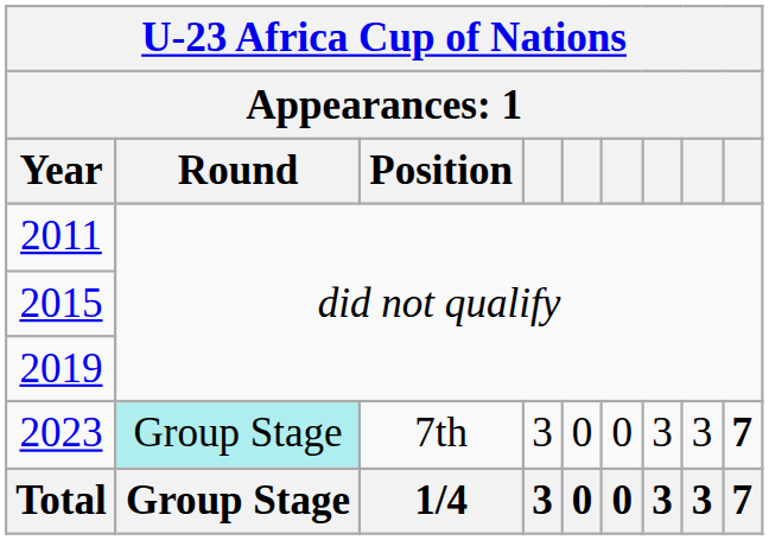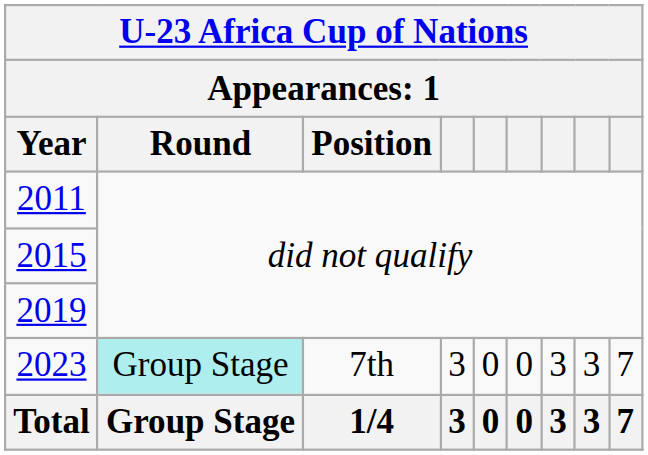 <table class="wikitable" style="text-align: center;">
 <tr>
 <th colspan=9><a href='#'>U-23 Africa Cup of Nations</a></th>
 </tr>
 <tr>
 <th colspan=9>Appearances: 1</th>
 </tr>
 <tr>
 <th>Year</th>
 <th>Round</th>
 <th>Position</th>
 <th></th>
 <th></th>
 <th></th>
 <th></th>
 <th></th>
 <th></th>
 </tr>
 <tr>
 <td> <a href='#'>2011</a></td>
 <td colspan=8 rowspan=3><em>did not qualify</em></td>
 </tr>
 <tr>
 <td> <a href='#'>2015</a></td>
 </tr>
 <tr>
 <td> <a href='#'>2019</a></td>
 </tr>
 <tr>
 <td> <a href='#'>2023</a></td>
 <td style="background: paleturquoise;">Group Stage</td>
 <td>7th</td>
 <td>3</td>
 <td>0</td>
 <td>0</td>
 <td>3</td>
 <td>3</td>
-<td><strong>7</strong></td>
+<td>7</td>
 </tr>
 <tr>
 <th>Total</th>
 <th>Group Stage</th>
 <th>1/4</th>
 <th>3</th>
 <th>0</th>
 <th>0</th>
 <th>3</th>
 <th>3</th>
 <th>7</th>
 </tr>
 </table>
